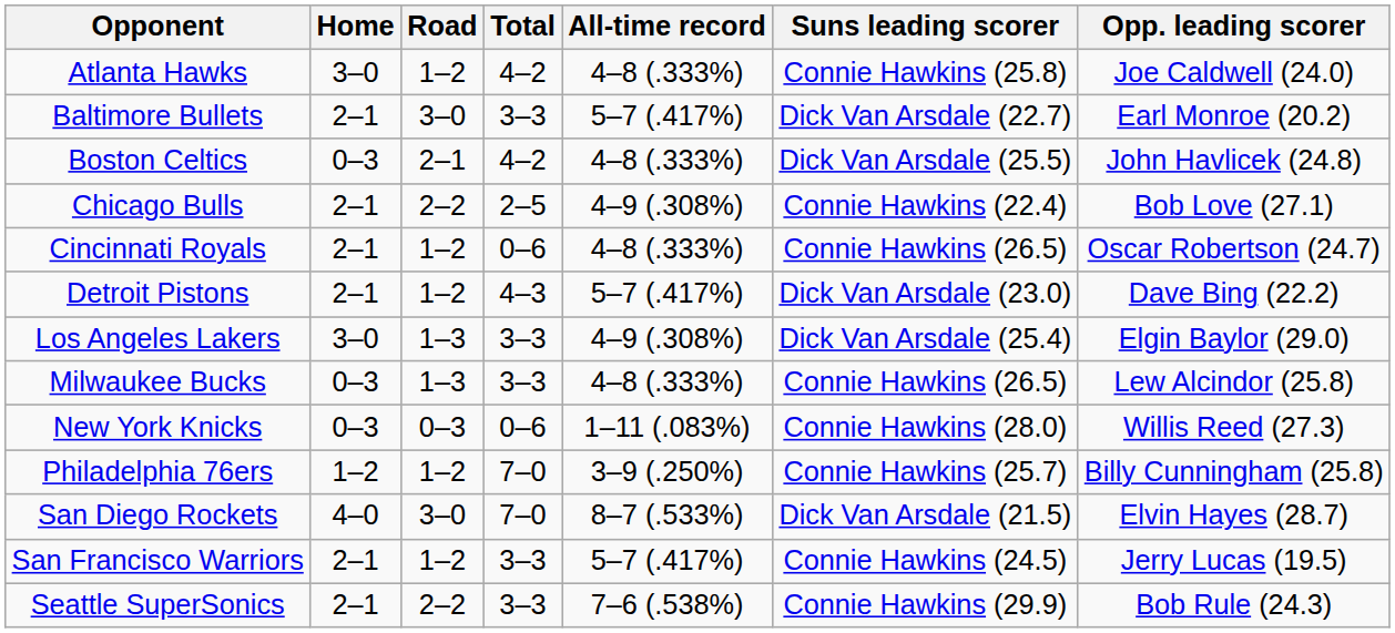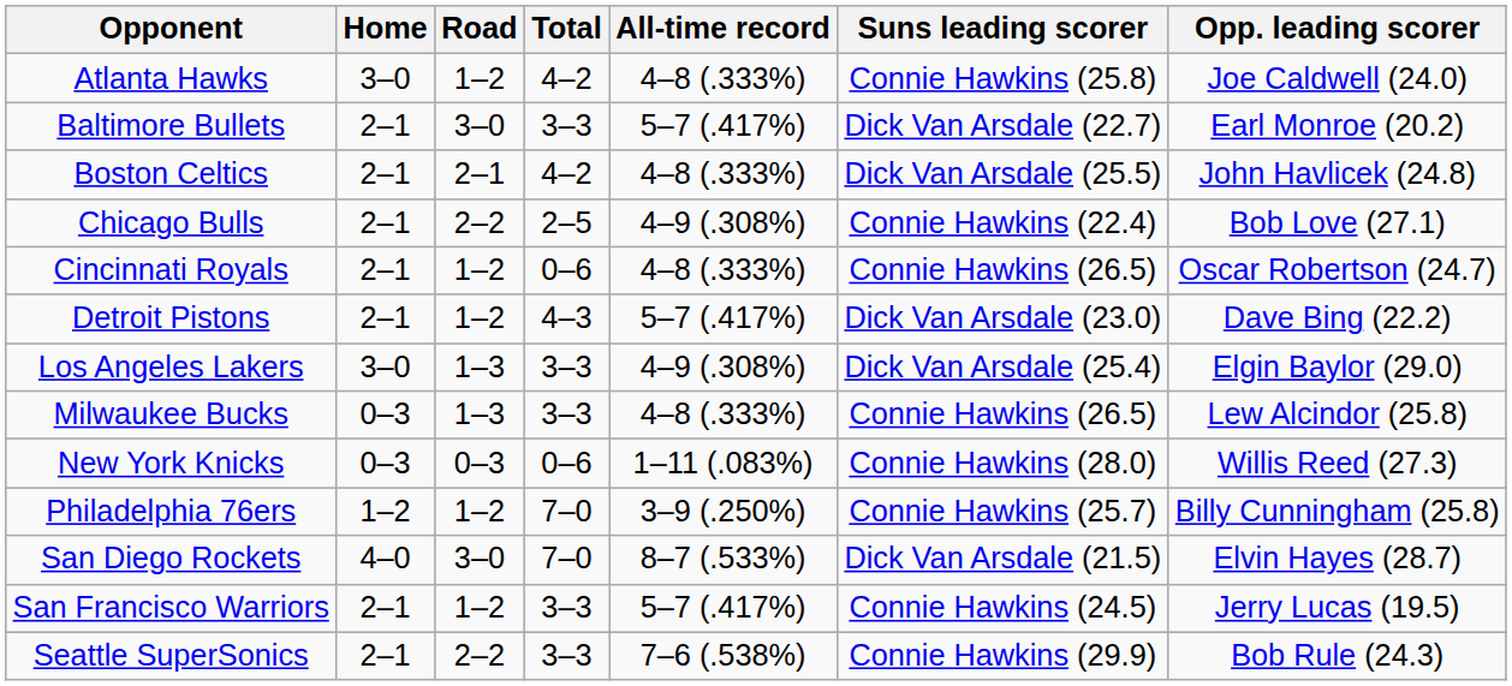 <table class="wikitable">
 <tr>
 <th>Opponent</th>
 <th>Home</th>
 <th>Road</th>
 <th>Total</th>
 <th>All-time record</th>
 <th>Suns leading scorer</th>
 <th>Opp. leading scorer</th>
 </tr>
 <tr style="text-align: center">
 <td><a href='#'>Atlanta Hawks</a></td>
 <td>3–0</td>
 <td>1–2</td>
 <td>4–2</td>
 <td>4–8 (.333%)</td>
 <td><a href='#'>Connie Hawkins</a> (25.8)</td>
 <td><a href='#'>Joe Caldwell</a> (24.0)</td>
 </tr>
 <tr style="text-align: center">
 <td><a href='#'>Baltimore Bullets</a></td>
 <td>2–1</td>
 <td>3–0</td>
 <td>3–3</td>
 <td>5–7 (.417%)</td>
 <td><a href='#'>Dick Van Arsdale</a> (22.7)</td>
 <td><a href='#'>Earl Monroe</a> (20.2)</td>
 </tr>
 <tr style="text-align: center">
 <td><a href='#'>Boston Celtics</a></td>
-<td>0–3</td>
+<td>2–1</td>
 <td>2–1</td>
 <td>4–2</td>
 <td>4–8 (.333%)</td>
 <td><a href='#'>Dick Van Arsdale</a> (25.5)</td>
 <td><a href='#'>John Havlicek</a> (24.8)</td>
 </tr>
 <tr style="text-align: center">
 <td><a href='#'>Chicago Bulls</a></td>
 <td>2–1</td>
 <td>2–2</td>
 <td>2–5</td>
 <td>4–9 (.308%)</td>
 <td><a href='#'>Connie Hawkins</a> (22.4)</td>
 <td><a href='#'>Bob Love</a> (27.1)</td>
 </tr>
 <tr style="text-align: center">
 <td><a href='#'>Cincinnati Royals</a></td>
 <td>2–1</td>
 <td>1–2</td>
 <td>0–6</td>
 <td>4–8 (.333%)</td>
 <td><a href='#'>Connie Hawkins</a> (26.5)</td>
 <td><a href='#'>Oscar Robertson</a> (24.7)</td>
 </tr>
 <tr style="text-align: center">
 <td><a href='#'>Detroit Pistons</a></td>
 <td>2–1</td>
 <td>1–2</td>
 <td>4–3</td>
 <td>5–7 (.417%)</td>
 <td><a href='#'>Dick Van Arsdale</a> (23.0)</td>
 <td><a href='#'>Dave Bing</a> (22.2)</td>
 </tr>
 <tr style="text-align: center">
 <td><a href='#'>Los Angeles Lakers</a></td>
 <td>3–0</td>
 <td>1–3</td>
 <td>3–3</td>
 <td>4–9 (.308%)</td>
 <td><a href='#'>Dick Van Arsdale</a> (25.4)</td>
 <td><a href='#'>Elgin Baylor</a> (29.0)</td>
 </tr>
 <tr style="text-align: center">
 <td><a href='#'>Milwaukee Bucks</a></td>
 <td>0–3</td>
 <td>1–3</td>
 <td>3–3</td>
 <td>4–8 (.333%)</td>
 <td><a href='#'>Connie Hawkins</a> (26.5)</td>
 <td><a href='#'>Lew Alcindor</a> (25.8)</td>
 </tr>
 <tr style="text-align: center">
 <td><a href='#'>New York Knicks</a></td>
 <td>0–3</td>
 <td>0–3</td>
 <td>0–6</td>
 <td>1–11 (.083%)</td>
 <td><a href='#'>Connie Hawkins</a> (28.0)</td>
 <td><a href='#'>Willis Reed</a> (27.3)</td>
 </tr>
 <tr style="text-align: center">
 <td><a href='#'>Philadelphia 76ers</a></td>
 <td>1–2</td>
 <td>1–2</td>
 <td>7–0</td>
 <td>3–9 (.250%)</td>
 <td><a href='#'>Connie Hawkins</a> (25.7)</td>
 <td><a href='#'>Billy Cunningham</a> (25.8)</td>
 </tr>
 <tr style="text-align: center">
 <td><a href='#'>San Diego Rockets</a></td>
 <td>4–0</td>
 <td>3–0</td>
 <td>7–0</td>
 <td>8–7 (.533%)</td>
 <td><a href='#'>Dick Van Arsdale</a> (21.5)</td>
 <td><a href='#'>Elvin Hayes</a> (28.7)</td>
 </tr>
 <tr style="text-align: center">
 <td><a href='#'>San Francisco Warriors</a></td>
 <td>2–1</td>
 <td>1–2</td>
 <td>3–3</td>
 <td>5–7 (.417%)</td>
 <td><a href='#'>Connie Hawkins</a> (24.5)</td>
 <td><a href='#'>Jerry Lucas</a> (19.5)</td>
 </tr>
 <tr style="text-align: center">
 <td><a href='#'>Seattle SuperSonics</a></td>
 <td>2–1</td>
 <td>2–2</td>
 <td>3–3</td>
 <td>7–6 (.538%)</td>
 <td><a href='#'>Connie Hawkins</a> (29.9)</td>
 <td><a href='#'>Bob Rule</a> (24.3)</td>
 </tr>
 </table>
